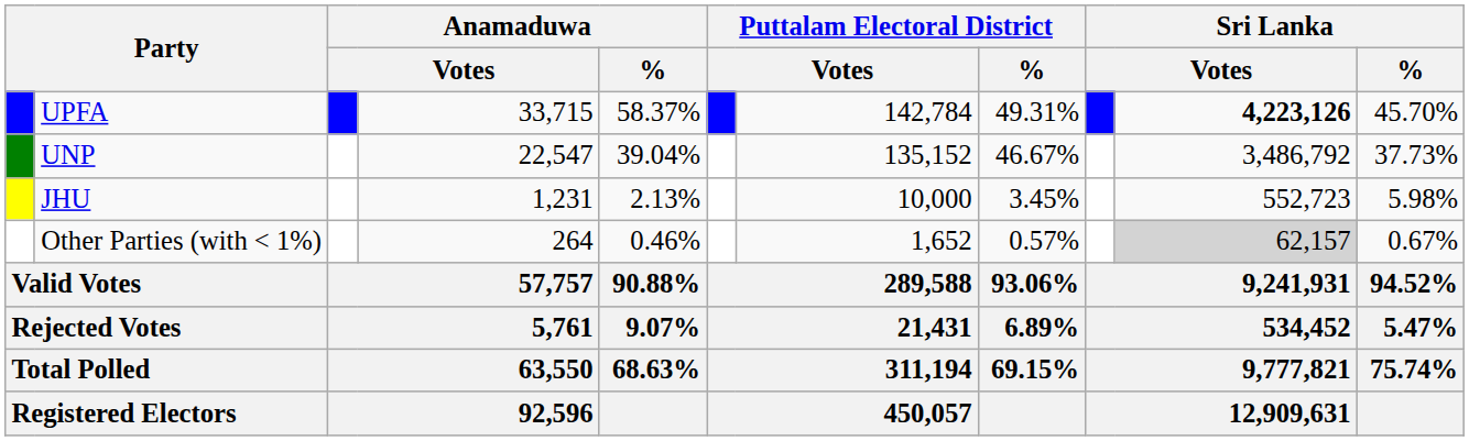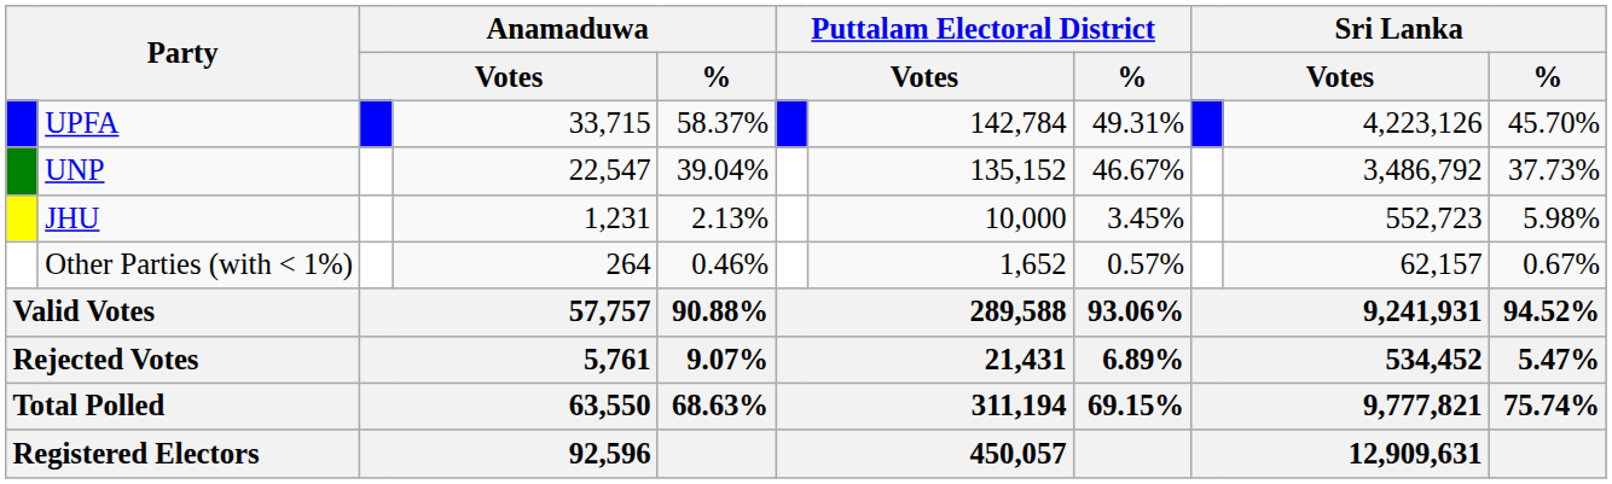 <table class="wikitable">
 <tr>
 <th colspan="2" width="144px"rowspan="2">Party</th>
 <th colspan="3" width="216px">Anamaduwa</th>
 <th colspan="3" width="216px"><a href='#'>Puttalam Electoral District</a></th>
 <th colspan="3" width="216px">Sri Lanka</th>
 </tr>
 <tr>
 <th colspan="2" width="144px">Votes</th>
 <th>%</th>
 <th colspan="2" width="144px">Votes</th>
 <th>%</th>
 <th colspan="2" width="144px">Votes</th>
 <th>%</th>
 </tr>
 <tr>
 <td style="background-color:blue;" width="10px"></td>
 <td style="text-align:left;"><a href='#'>UPFA</a></td>
 <td style="background-color:blue;" width="10px"></td>
 <td style="text-align:right;">33,715</td>
 <td style="text-align:right;">58.37%</td>
 <td style="background-color:blue;" width="10px"></td>
 <td style="text-align:right;">142,784</td>
 <td style="text-align:right;">49.31%</td>
 <td style="background-color:blue;" width="10px"></td>
-<td style="text-align:right;"><strong>4,223,126</strong></td>
+<td style="text-align:right;">4,223,126</td>
 <td style="text-align:right;">45.70%</td>
 </tr>
 <tr>
 <td style="background-color:green;" width="10px"></td>
 <td style="text-align:left;"><a href='#'>UNP</a></td>
 <td style="background-color:white;" width="10px"></td>
 <td style="text-align:right;">22,547</td>
 <td style="text-align:right;">39.04%</td>
 <td style="background-color:white;" width="10px"></td>
 <td style="text-align:right;">135,152</td>
 <td style="text-align:right;">46.67%</td>
 <td style="background-color:white;" width="10px"></td>
 <td style="text-align:right;">3,486,792</td>
 <td style="text-align:right;">37.73%</td>
 </tr>
 <tr>
 <td style="background-color:yellow;" width="10px"></td>
 <td style="text-align:left;"><a href='#'>JHU</a></td>
 <td style="background-color:white;" width="10px"></td>
 <td style="text-align:right;">1,231</td>
 <td style="text-align:right;">2.13%</td>
 <td style="background-color:white;" width="10px"></td>
 <td style="text-align:right;">10,000</td>
 <td style="text-align:right;">3.45%</td>
 <td style="background-color:white;" width="10px"></td>
 <td style="text-align:right;">552,723</td>
 <td style="text-align:right;">5.98%</td>
 </tr>
 <tr>
 <td style="background-color:white;" width="10px"></td>
 <td style="text-align:left;">Other Parties (with < 1%)</td>
 <td style="background-color:white;" width="10px"></td>
 <td style="text-align:right;">264</td>
 <td style="text-align:right;">0.46%</td>
 <td style="background-color:white;" width="10px"></td>
 <td style="text-align:right;">1,652</td>
 <td style="text-align:right;">0.57%</td>
 <td style="background-color:white;" width="10px"></td>
-<td style="background: lightgrey; text-align:right;">62,157</td>
+<td style="text-align:right;">62,157</td>
 <td style="text-align:right;">0.67%</td>
 </tr>
 <tr>
 <th colspan="2" width="144px"style="text-align:left;">Valid Votes</th>
 <th style="text-align:right;"colspan="2" width="144px">57,757</th>
 <th style="text-align:right;">90.88%</th>
 <th style="text-align:right;"colspan="2" width="144px">289,588</th>
 <th style="text-align:right;">93.06%</th>
 <th style="text-align:right;"colspan="2" width="144px">9,241,931</th>
 <th style="text-align:right;">94.52%</th>
 </tr>
 <tr>
 <th colspan="2" width="144px"style="text-align:left;">Rejected Votes</th>
 <th style="text-align:right;"colspan="2" width="144px">5,761</th>
 <th style="text-align:right;">9.07%</th>
 <th style="text-align:right;"colspan="2" width="144px">21,431</th>
 <th style="text-align:right;">6.89%</th>
 <th style="text-align:right;"colspan="2" width="144px">534,452</th>
 <th style="text-align:right;">5.47%</th>
 </tr>
 <tr>
 <th colspan="2" width="144px"style="text-align:left;">Total Polled</th>
 <th style="text-align:right;"colspan="2" width="144px">63,550</th>
 <th style="text-align:right;">68.63%</th>
 <th style="text-align:right;"colspan="2" width="144px">311,194</th>
 <th style="text-align:right;">69.15%</th>
 <th style="text-align:right;"colspan="2" width="144px">9,777,821</th>
 <th style="text-align:right;">75.74%</th>
 </tr>
 <tr>
 <th colspan="2" width="144px"style="text-align:left;">Registered Electors</th>
 <th style="text-align:right;"colspan="2" width="144px">92,596</th>
 <th></th>
 <th style="text-align:right;"colspan="2" width="144px">450,057</th>
 <th></th>
 <th style="text-align:right;"colspan="2" width="144px">12,909,631</th>
 <th></th>
 </tr>
 </table>
